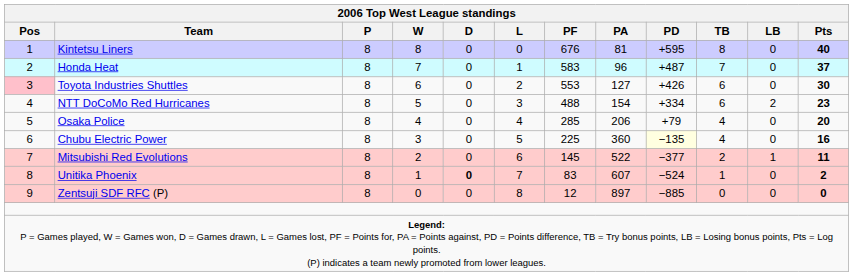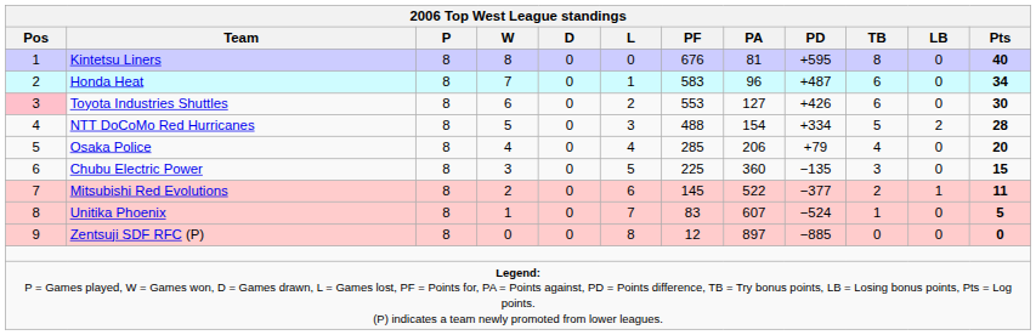 <table class="wikitable" style="text-align:center; font-size:100%; width:60%;">
 <tr>
 <th colspan="100%" cellpadding="0" cellspacing="0"><strong>2006 Top West League standings</strong></th>
 </tr>
 <tr>
 <th style="width:6%;">Pos</th>
 <th style="width:34%;">Team</th>
 <th style="width:6%;">P</th>
 <th style="width:6%;">W</th>
 <th style="width:6%;">D</th>
 <th style="width:6%;">L</th>
 <th style="width:6%;">PF</th>
 <th style="width:6%;">PA</th>
 <th style="width:6%;">PD</th>
 <th style="width:6%;">TB</th>
 <th style="width:6%;">LB</th>
 <th style="width:6%;">Pts<br></th>
 </tr>
 <tr style="background:#CCCCFF;">
 <td>1</td>
 <td style="text-align:left;"><a href='#'>Kintetsu Liners</a></td>
 <td>8</td>
 <td>8</td>
 <td>0</td>
 <td>0</td>
 <td>676</td>
 <td>81</td>
 <td>+595</td>
 <td>8</td>
 <td>0</td>
 <td><strong>40</strong></td>
 </tr>
 <tr style="background:#CFFCFF;">
 <td>2</td>
 <td style="text-align:left;"><a href='#'>Honda Heat</a></td>
 <td>8</td>
 <td>7</td>
 <td>0</td>
 <td>1</td>
 <td>583</td>
 <td>96</td>
 <td>+487</td>
-<td>7</td>
+<td>6</td>
 <td>0</td>
-<td><strong>37</strong></td>
+<td><strong>34</strong></td>
 </tr>
 <tr>
 <td style="background: pink;">3</td>
 <td style="text-align:left;"><a href='#'>Toyota Industries Shuttles</a></td>
 <td>8</td>
 <td>6</td>
 <td>0</td>
 <td>2</td>
 <td>553</td>
 <td>127</td>
 <td>+426</td>
 <td>6</td>
 <td>0</td>
 <td><strong>30</strong></td>
 </tr>
 <tr>
 <td>4</td>
 <td style="text-align:left;"><a href='#'>NTT DoCoMo Red Hurricanes</a></td>
 <td>8</td>
 <td>5</td>
 <td>0</td>
 <td>3</td>
 <td>488</td>
 <td>154</td>
 <td>+334</td>
-<td>6</td>
+<td>5</td>
 <td>2</td>
-<td><strong>23</strong></td>
+<td><strong>28</strong></td>
 </tr>
 <tr>
 <td>5</td>
 <td style="text-align:left;"><a href='#'>Osaka Police</a></td>
 <td>8</td>
 <td>4</td>
 <td>0</td>
 <td>4</td>
 <td>285</td>
 <td>206</td>
 <td>+79</td>
 <td>4</td>
 <td>0</td>
 <td><strong>20</strong></td>
 </tr>
 <tr>
 <td>6</td>
 <td style="text-align:left;"><a href='#'>Chubu Electric Power</a></td>
 <td>8</td>
 <td>3</td>
 <td>0</td>
 <td>5</td>
 <td>225</td>
 <td>360</td>
-<td style="background: lightyellow;">−135</td>
-<td>4</td>
+<td>−135</td>
+<td>3</td>
 <td>0</td>
-<td><strong>16</strong></td>
+<td><strong>15</strong></td>
 </tr>
 <tr style="background:#FFCCCC;">
 <td>7</td>
 <td style="text-align:left;"><a href='#'>Mitsubishi Red Evolutions</a></td>
 <td>8</td>
 <td>2</td>
 <td>0</td>
 <td>6</td>
 <td>145</td>
 <td>522</td>
 <td>−377</td>
 <td>2</td>
 <td>1</td>
 <td><strong>11</strong></td>
 </tr>
 <tr style="background:#FFCCCC;">
 <td>8</td>
 <td style="text-align:left;"><a href='#'>Unitika Phoenix</a></td>
 <td>8</td>
 <td>1</td>
-<td><strong>0</strong></td>
+<td>0</td>
 <td>7</td>
 <td>83</td>
 <td>607</td>
 <td>−524</td>
 <td>1</td>
 <td>0</td>
-<td><strong>2</strong></td>
+<td><strong>5</strong></td>
 </tr>
 <tr style="background:#FFCCCC;">
 <td>9</td>
 <td style="text-align:left;"><a href='#'>Zentsuji SDF RFC</a> (P)</td>
 <td>8</td>
 <td>0</td>
 <td>0</td>
 <td>8</td>
 <td>12</td>
 <td>897</td>
 <td>−885</td>
 <td>0</td>
 <td>0</td>
 <td><strong>0</strong></td>
 </tr>
 <tr>
 <td colspan="100%" style="height:10px;"></td>
 </tr>
 <tr>
 <td colspan="100%"><small><strong>Legend:</strong> <br> P = Games played, W = Games won, D = Games drawn, L = Games lost, PF = Points for, PA = Points against, PD = Points difference, TB = Try bonus points, LB = Losing bonus points, Pts = Log points. <br> (P) indicates a team newly promoted from lower leagues.</small></td>
 </tr>
 </table>
